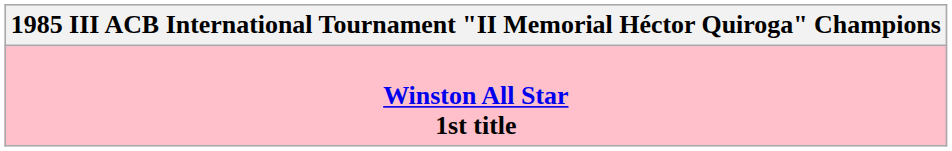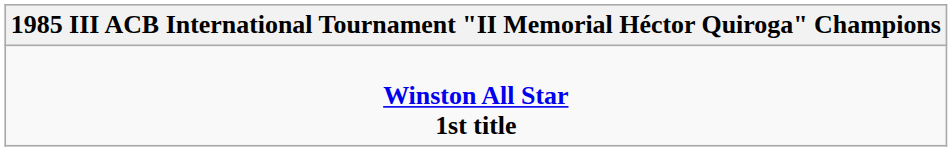 <table class=wikitable style="text-align:center; margin:auto">
 <tr>
 <th>1985 III ACB International Tournament "II Memorial Héctor Quiroga" Champions</th>
 </tr>
 <tr>
-<td style="background: pink;"><br> <strong><a href='#'>Winston All Star</a></strong> <br> <strong>1st title</strong></td>
+<td><br> <strong><a href='#'>Winston All Star</a></strong> <br> <strong>1st title</strong></td>
 </tr>
 </table>
